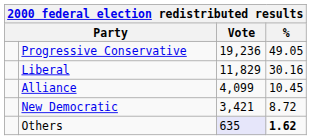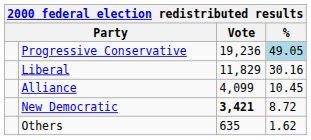 <table class="wikitable">
 <tr>
 <th colspan="4"><a href='#'>2000 federal election</a> redistributed results</th>
 </tr>
 <tr>
 <th bgcolor="#DDDDFF" width="230px" colspan="2">Party</th>
 <th bgcolor="#DDDDFF" width="50px">Vote</th>
 <th bgcolor="#DDDDFF" width="30px">%</th>
 </tr>
 <tr>
 <td> </td>
 <td><a href='#'>Progressive Conservative</a></td>
 <td>19,236</td>
-<td>49.05</td>
+<td style="background: lightblue;">49.05</td>
 </tr>
 <tr>
 <td> </td>
 <td><a href='#'>Liberal</a></td>
 <td>11,829</td>
 <td>30.16</td>
 </tr>
 <tr>
 <td> </td>
 <td><a href='#'>Alliance</a></td>
 <td>4,099</td>
 <td>10.45</td>
 </tr>
 <tr>
 <td> </td>
 <td><a href='#'>New Democratic</a></td>
-<td>3,421</td>
+<td><strong>3,421</strong></td>
 <td>8.72</td>
 </tr>
 <tr>
 <td> </td>
 <td>Others</td>
-<td style="background: lavender;">635</td>
-<td><strong>1.62</strong></td>
+<td>635</td>
+<td>1.62</td>
 </tr>
 </table>
